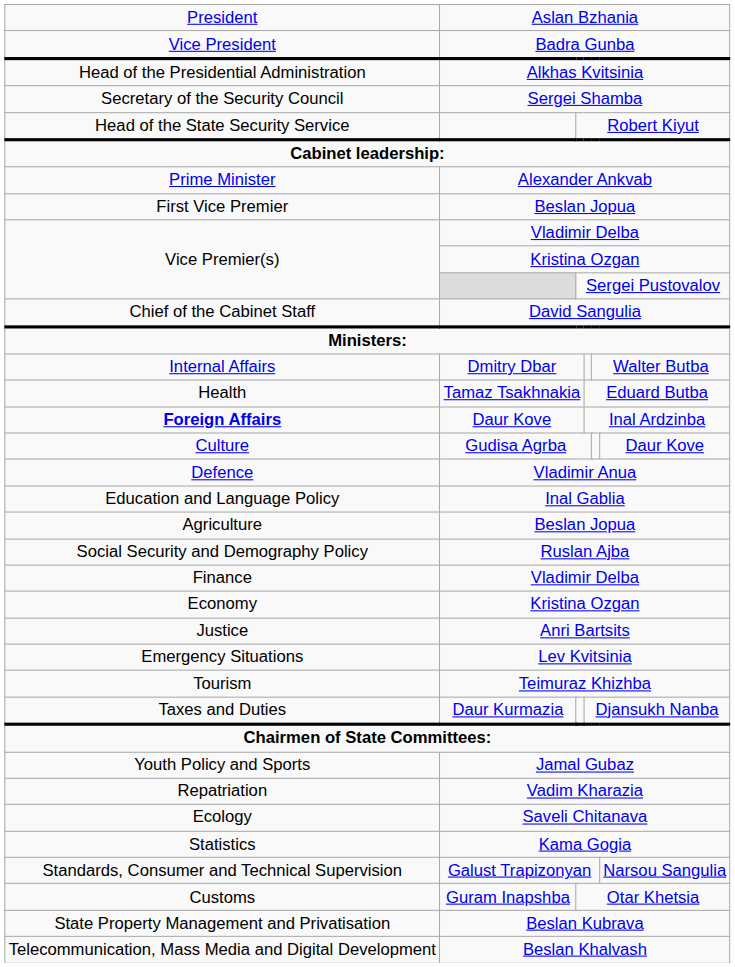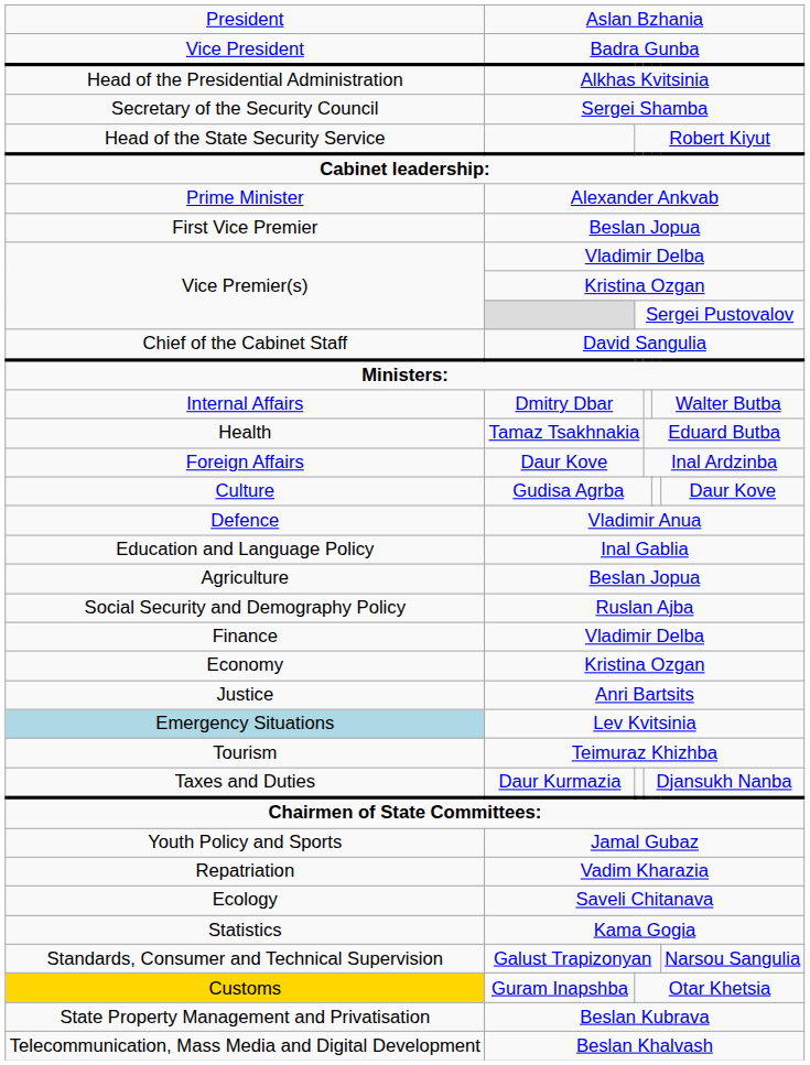 <table class="wikitable" style="text-align:center;padding: 0.2em;margin: 0.5em 0 0.5em 2em;">
 <tr>
 <td><a href='#'>President</a></td>
 <td colspan=7><a href='#'>Aslan Bzhania</a><br></td>
 </tr>
 <tr style="border-bottom: 3px solid black;">
 <td><a href='#'>Vice President</a></td>
 <td colspan=7><a href='#'>Badra Gunba</a><br></td>
 </tr>
 <tr>
 <td>Head of the Presidential Administration</td>
 <td colspan=7><a href='#'>Alkhas Kvitsinia</a><br></td>
 </tr>
 <tr>
 <td>Secretary of the Security Council</td>
 <td colspan=7><a href='#'>Sergei Shamba</a><br></td>
 </tr>
 <tr style="border-bottom: 3px solid black;">
 <td>Head of the State Security Service</td>
 <td colspan=1><br></td>
 <td colspan=6><a href='#'>Robert Kiyut</a><br></td>
 </tr>
 <tr>
 <td colspan=8><strong>Cabinet leadership:</strong></td>
 </tr>
 <tr>
 <td><a href='#'>Prime Minister</a></td>
 <td colspan=7><a href='#'>Alexander Ankvab</a><br></td>
 </tr>
 <tr>
 <td>First Vice Premier</td>
 <td colspan=7><a href='#'>Beslan Jopua</a><br></td>
 </tr>
 <tr>
 <td rowspan=3>Vice Premier(s)</td>
 <td colspan=7><a href='#'>Vladimir Delba</a><br></td>
 </tr>
 <tr>
 <td colspan=7><a href='#'>Kristina Ozgan</a><br></td>
 </tr>
 <tr>
 <td style="background: gainsboro" colspan=1></td>
 <td colspan=6><a href='#'>Sergei Pustovalov</a><br></td>
 </tr>
 <tr style="border-bottom: 3px solid black;">
 <td>Chief of the Cabinet Staff</td>
 <td colspan=7><a href='#'>David Sangulia</a><br></td>
 </tr>
 <tr>
 <td colspan=8><strong>Ministers:</strong></td>
 </tr>
 <tr>
 <td><a href='#'>Internal Affairs</a></td>
 <td colspan=3><a href='#'>Dmitry Dbar</a><br></td>
 <td colspan=1><br></td>
 <td colspan=3><a href='#'>Walter Butba</a><br></td>
 </tr>
 <tr>
 <td>Health</td>
 <td colspan=3><a href='#'>Tamaz Tsakhnakia</a><br></td>
 <td colspan=4><a href='#'>Eduard Butba</a><br></td>
 </tr>
 <tr>
-<td><strong><a href='#'>Foreign Affairs</a></strong></td>
+<td><a href='#'>Foreign Affairs</a></td>
 <td colspan=3><a href='#'>Daur Kove</a><br></td>
 <td colspan=4><a href='#'>Inal Ardzinba</a><br></td>
 </tr>
 <tr>
 <td><a href='#'>Culture</a></td>
 <td colspan=5><a href='#'>Gudisa Agrba</a><br></td>
 <td colspan=1><br></td>
 <td colspan=1><a href='#'>Daur Kove</a><br></td>
 </tr>
 <tr>
 <td><a href='#'>Defence</a></td>
 <td colspan=7><a href='#'>Vladimir Anua</a><br></td>
 </tr>
 <tr>
 <td>Education and Language Policy</td>
 <td colspan=7><a href='#'>Inal Gablia</a><br></td>
 </tr>
 <tr>
 <td>Agriculture</td>
 <td colspan=7><a href='#'>Beslan Jopua</a><br></td>
 </tr>
 <tr>
 <td>Social Security and Demography Policy</td>
 <td colspan=7><a href='#'>Ruslan Ajba</a><br></td>
 </tr>
 <tr>
 <td>Finance</td>
 <td colspan=7><a href='#'>Vladimir Delba</a><br></td>
 </tr>
 <tr>
 <td>Economy</td>
 <td colspan=7><a href='#'>Kristina Ozgan</a><br></td>
 </tr>
 <tr>
 <td>Justice</td>
 <td colspan=7><a href='#'>Anri Bartsits</a><br></td>
 </tr>
 <tr>
-<td>Emergency Situations</td>
+<td style="background: lightblue;">Emergency Situations</td>
 <td colspan=7><a href='#'>Lev Kvitsinia</a><br></td>
 </tr>
 <tr>
 <td>Tourism</td>
 <td colspan=7><a href='#'>Teimuraz Khizhba</a><br></td>
 </tr>
 <tr style="border-bottom: 3px solid black;">
 <td>Taxes and Duties</td>
 <td colspan=2><a href='#'>Daur Kurmazia</a><br></td>
 <td colspan=1><br></td>
 <td colspan=4><a href='#'>Djansukh Nanba</a><br></td>
 </tr>
 <tr>
 <td colspan=8><strong>Chairmen of State Committees:</strong></td>
 </tr>
 <tr>
 <td>Youth Policy and Sports</td>
 <td colspan=7><a href='#'>Jamal Gubaz</a><br></td>
 </tr>
 <tr>
 <td>Repatriation</td>
 <td colspan=7><a href='#'>Vadim Kharazia</a><br></td>
 </tr>
 <tr>
 <td>Ecology</td>
 <td colspan=7><a href='#'>Saveli Chitanava</a><br></td>
 </tr>
 <tr>
 <td>Statistics</td>
 <td colspan=7><a href='#'>Kama Gogia</a><br></td>
 </tr>
 <tr>
 <td>Standards, Consumer and Technical Supervision</td>
 <td colspan=6><a href='#'>Galust Trapizonyan</a><br></td>
 <td colspan=1><a href='#'>Narsou Sangulia</a><br></td>
 </tr>
 <tr>
-<td>Customs</td>
+<td style="background: gold;">Customs</td>
 <td colspan=2><a href='#'>Guram Inapshba</a><br></td>
 <td colspan=5><a href='#'>Otar Khetsia</a><br></td>
 </tr>
 <tr>
 <td>State Property Management and Privatisation</td>
 <td colspan=7><a href='#'>Beslan Kubrava</a><br></td>
 </tr>
 <tr>
 <td>Telecommunication, Mass Media and Digital Development</td>
 <td colspan=7><a href='#'>Beslan Khalvash</a><br></td>
 </tr>
 <tr>
 </tr>
 </table>
